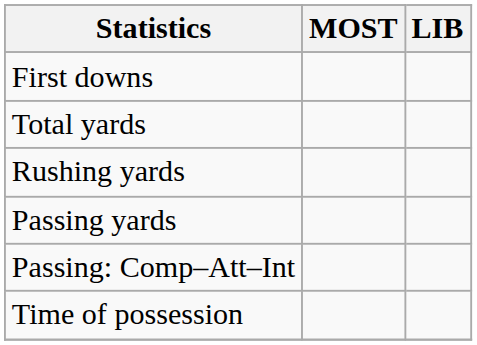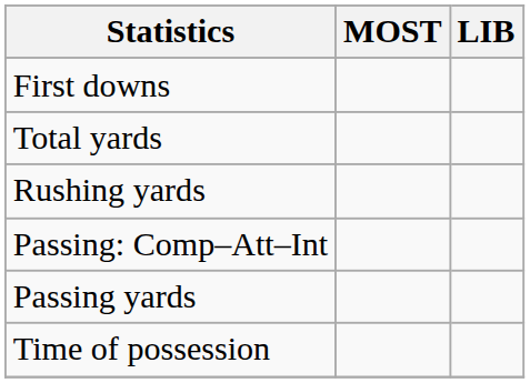 <table class="wikitable" style="float: left;">
 <tr>
 <th>Statistics</th>
 <th>MOST</th>
 <th>LIB</th>
 </tr>
 <tr>
 <td>First downs</td>
 <td></td>
 <td></td>
 </tr>
 <tr>
 <td>Total yards</td>
 <td></td>
 <td></td>
 </tr>
 <tr>
 <td>Rushing yards</td>
 <td></td>
 <td></td>
 </tr>
 <tr>
-<td>Passing yards</td>
+<td>Passing: Comp–Att–Int</td>
 <td></td>
 <td></td>
 </tr>
 <tr>
-<td>Passing: Comp–Att–Int</td>
+<td>Passing yards</td>
 <td></td>
 <td></td>
 </tr>
 <tr>
 <td>Time of possession</td>
 <td></td>
 <td></td>
 </tr>
 <tr>
 </tr>
 </table>
